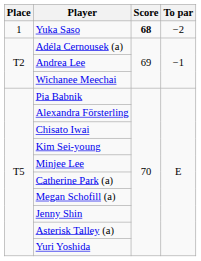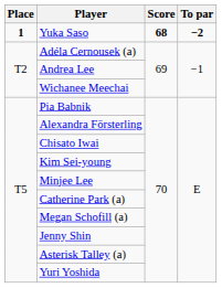 <table class="wikitable">
 <tr>
 <th>Place</th>
 <th>Player</th>
 <th>Score</th>
 <th>To par</th>
 </tr>
 <tr>
-<td align=center>1</td>
+<td align=center><strong>1</strong></td>
 <td> <a href='#'>Yuka Saso</a></td>
 <td align=center><strong>68</strong></td>
-<td align=center>−2</td>
+<td align=center><strong>−2</strong></td>
 </tr>
 <tr>
 <td rowspan=3 align=center>T2</td>
 <td> <a href='#'>Adéla Cernousek</a> (a)</td>
 <td rowspan=3  align=center>69</td>
 <td rowspan=3  align=center>−1</td>
 </tr>
 <tr>
 <td> <a href='#'>Andrea Lee</a></td>
 </tr>
 <tr>
 <td> <a href='#'>Wichanee Meechai</a></td>
 </tr>
 <tr>
 <td rowspan=10 align=center>T5</td>
 <td> <a href='#'>Pia Babnik</a></td>
 <td rowspan=10  align=center>70</td>
 <td rowspan=10  align=center>E</td>
 </tr>
 <tr>
 <td> <a href='#'>Alexandra Försterling</a></td>
 </tr>
 <tr>
 <td> <a href='#'>Chisato Iwai</a></td>
 </tr>
 <tr>
 <td> <a href='#'>Kim Sei-young</a></td>
 </tr>
 <tr>
 <td> <a href='#'>Minjee Lee</a></td>
 </tr>
 <tr>
 <td> <a href='#'>Catherine Park</a> (a)</td>
 </tr>
 <tr>
 <td> <a href='#'>Megan Schofill</a> (a)</td>
 </tr>
 <tr>
 <td> <a href='#'>Jenny Shin</a></td>
 </tr>
 <tr>
 <td> <a href='#'>Asterisk Talley</a> (a)</td>
 </tr>
 <tr>
 <td> <a href='#'>Yuri Yoshida</a></td>
 </tr>
 </table>
